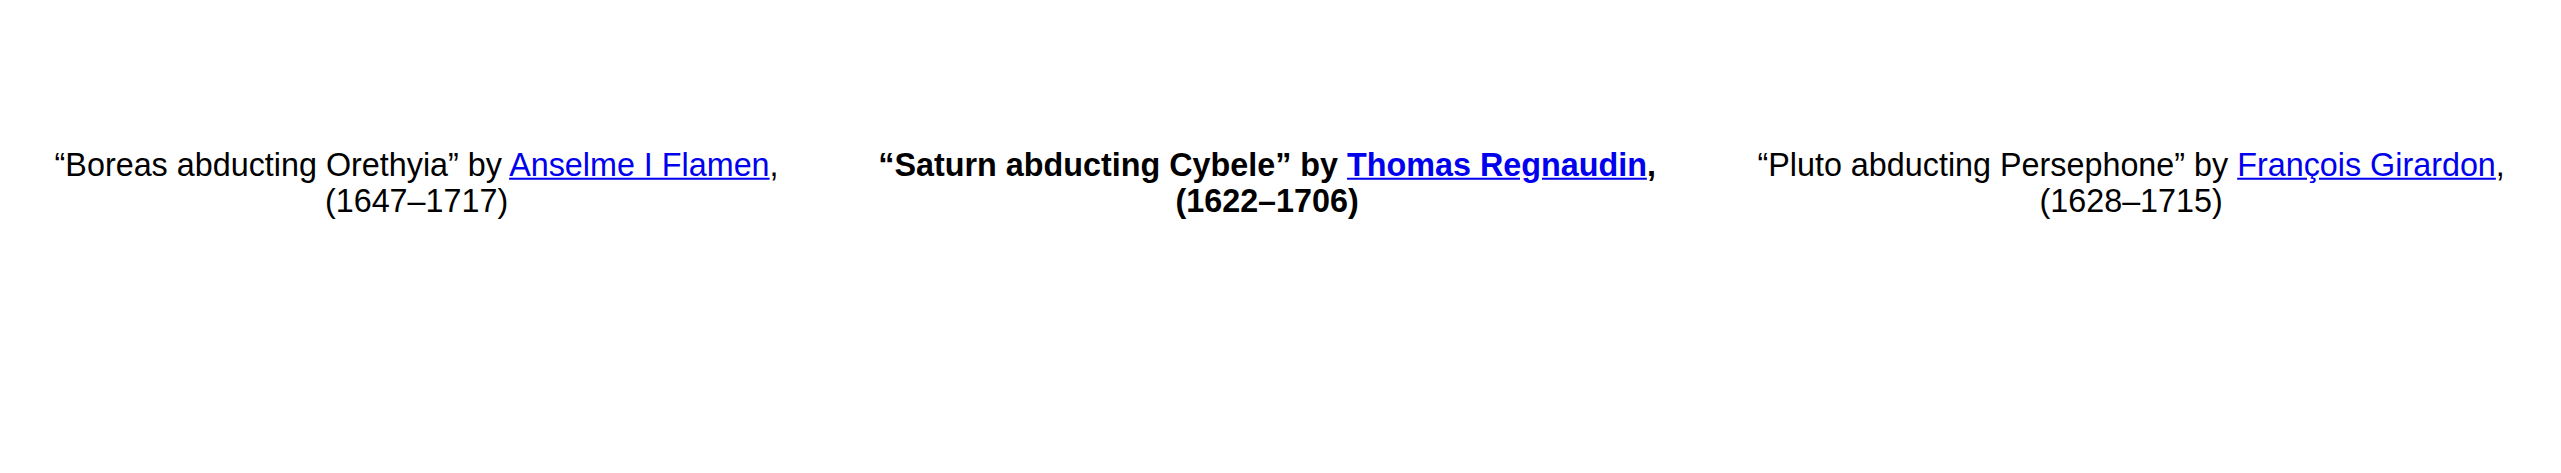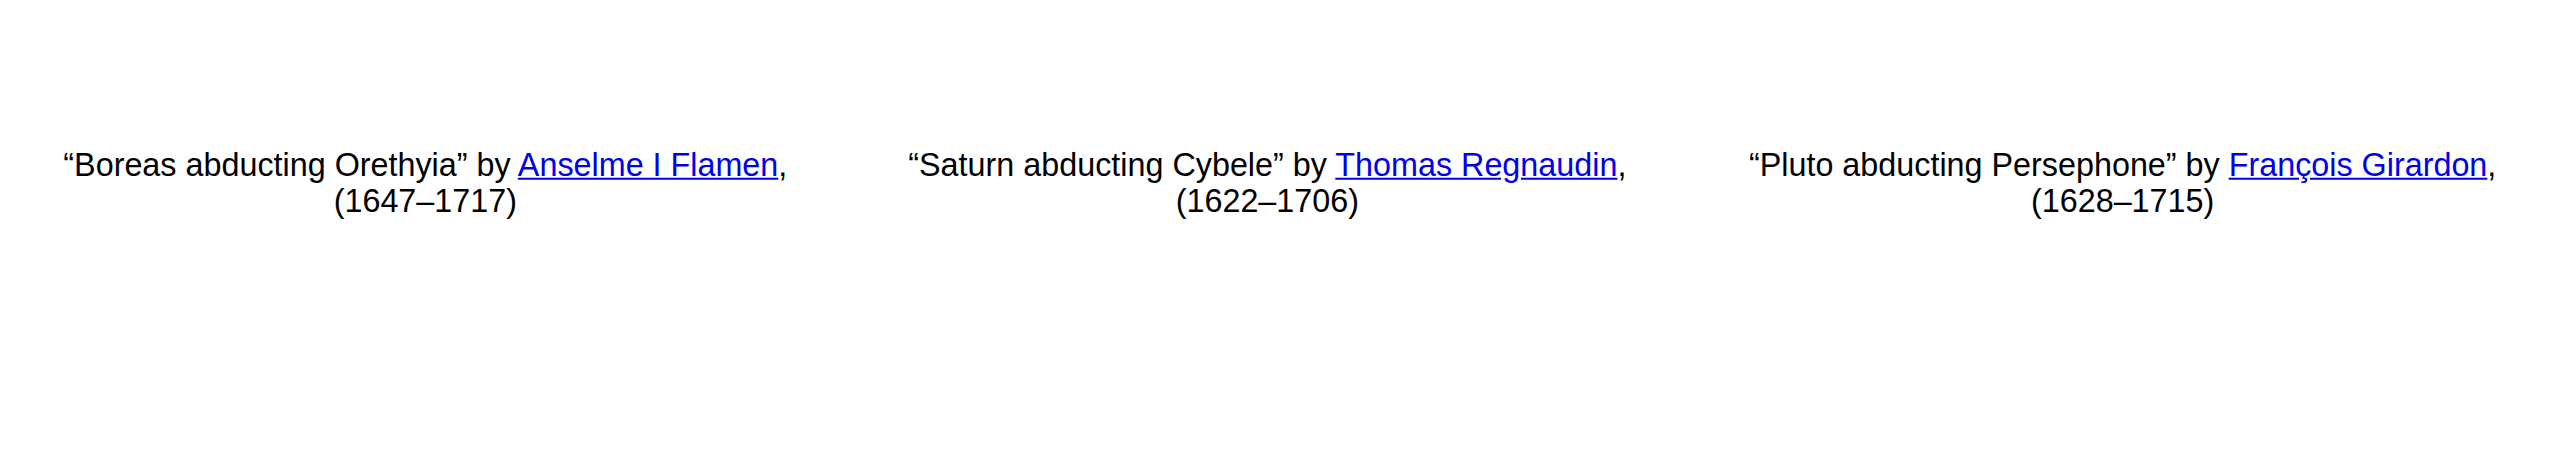 <table style="background:white; color:black" border="0" height="230" align="center" valign="bottom" cellpadding=10px cellspacing=0px>
 <tr align="center">
 <td></td>
 <td></td>
 <td></td>
 </tr>
 <tr align="center" valign="top">
 <td width=“200”>“Boreas abducting Orethyia” by <a href='#'>Anselme I Flamen</a>, (1647–1717)</td>
-<td width=“200”><strong>“Saturn abducting Cybele” by <a href='#'>Thomas Regnaudin</a>, (1622–1706)</strong></td>
+<td width=“200”>“Saturn abducting Cybele” by <a href='#'>Thomas Regnaudin</a>, (1622–1706)</td>
 <td width=“200”>“Pluto abducting Persephone” by <a href='#'>François Girardon</a>, (1628–1715)</td>
 </tr>
 </table>
